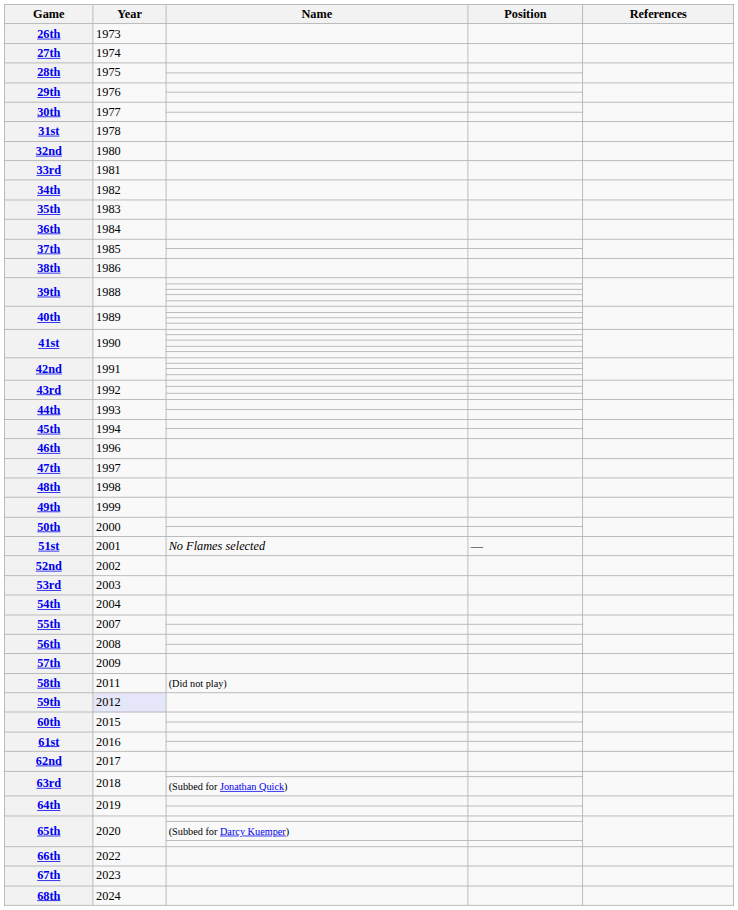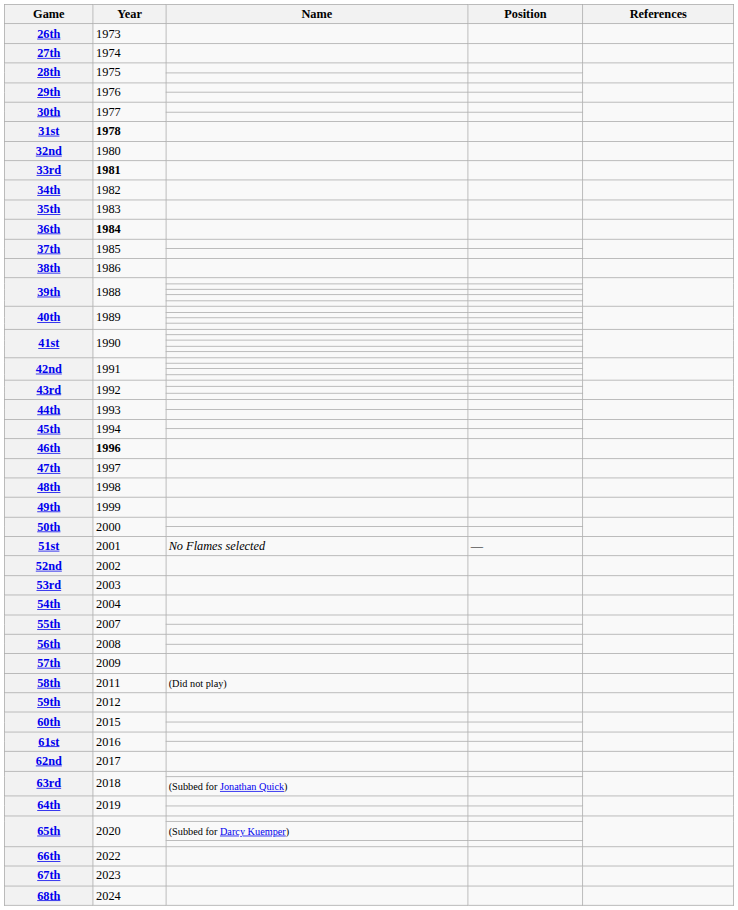 <table class="wikitable sortable" width="75%">
 <tr>
 <th scope="col">Game</th>
 <th scope="col">Year</th>
 <th scope="col">Name</th>
 <th scope="col">Position</th>
 <th scope="col" class="unsortable">References</th>
 </tr>
 <tr>
 <th scope="row"><a href='#'>26th</a></th>
 <td>1973</td>
 <td></td>
 <td></td>
 <td></td>
 </tr>
 <tr>
 <th scope="row"><a href='#'>27th</a></th>
 <td>1974</td>
 <td></td>
 <td></td>
 <td></td>
 </tr>
 <tr>
 <th scope="row" rowspan="2"><a href='#'>28th</a></th>
 <td rowspan="2">1975</td>
 <td></td>
 <td></td>
 <td rowspan="2"></td>
 </tr>
 <tr>
 <td></td>
 <td></td>
 </tr>
 <tr>
 <th scope="row" rowspan="2"><a href='#'>29th</a></th>
 <td rowspan="2">1976</td>
 <td></td>
 <td></td>
 <td rowspan="2"></td>
 </tr>
 <tr>
 <td></td>
 <td></td>
 </tr>
 <tr>
 <th scope="row" rowspan="2"><a href='#'>30th</a></th>
 <td rowspan="2">1977</td>
 <td></td>
 <td></td>
 <td rowspan="2"></td>
 </tr>
 <tr>
 <td></td>
 <td></td>
 </tr>
 <tr>
 <th scope="row"><a href='#'>31st</a></th>
-<td>1978</td>
+<td><strong>1978</strong></td>
 <td></td>
 <td></td>
 <td></td>
 </tr>
 <tr>
 <th scope="row"><a href='#'>32nd</a></th>
 <td>1980</td>
 <td></td>
 <td></td>
 <td></td>
 </tr>
 <tr>
 <th scope="row"><a href='#'>33rd</a></th>
-<td>1981</td>
+<td><strong>1981</strong></td>
 <td></td>
 <td></td>
 <td></td>
 </tr>
 <tr>
 <th scope="row"><a href='#'>34th</a></th>
 <td>1982</td>
 <td></td>
 <td></td>
 <td></td>
 </tr>
 <tr>
 <th scope="row"><a href='#'>35th</a></th>
 <td>1983</td>
 <td></td>
 <td></td>
 <td></td>
 </tr>
 <tr>
 <th scope="row"><a href='#'>36th</a></th>
-<td>1984</td>
+<td><strong>1984</strong></td>
 <td></td>
 <td></td>
 <td></td>
 </tr>
 <tr>
 <th scope="row" rowspan="2"><a href='#'>37th</a></th>
 <td rowspan="2">1985</td>
 <td></td>
 <td></td>
 <td rowspan="2"></td>
 </tr>
 <tr>
 <td></td>
 <td></td>
 </tr>
 <tr>
 <th scope="row"><a href='#'>38th</a></th>
 <td>1986</td>
 <td></td>
 <td></td>
 <td></td>
 </tr>
 <tr>
 <th scope="row" rowspan="5"><a href='#'>39th</a></th>
 <td rowspan="5">1988</td>
 <td></td>
 <td></td>
 <td rowspan="5"></td>
 </tr>
 <tr>
 <td></td>
 <td></td>
 </tr>
 <tr>
 <td></td>
 <td></td>
 </tr>
 <tr>
 <td></td>
 <td></td>
 </tr>
 <tr>
 <td></td>
 <td></td>
 </tr>
 <tr>
 <th scope="row" rowspan="4"><a href='#'>40th</a></th>
 <td rowspan="4">1989</td>
 <td></td>
 <td></td>
 <td rowspan="4"></td>
 </tr>
 <tr>
 <td></td>
 <td></td>
 </tr>
 <tr>
 <td></td>
 <td></td>
 </tr>
 <tr>
 <td></td>
 <td></td>
 </tr>
 <tr>
 <th scope="row" rowspan="5"><a href='#'>41st</a></th>
 <td rowspan="5">1990</td>
 <td></td>
 <td></td>
 <td rowspan="5"></td>
 </tr>
 <tr>
 <td></td>
 <td></td>
 </tr>
 <tr>
 <td></td>
 <td></td>
 </tr>
 <tr>
 <td></td>
 <td></td>
 </tr>
 <tr>
 <td></td>
 <td></td>
 </tr>
 <tr>
 <th scope="row" rowspan="4"><a href='#'>42nd</a></th>
 <td rowspan="4">1991</td>
 <td></td>
 <td></td>
 <td rowspan="4"></td>
 </tr>
 <tr>
 <td></td>
 <td></td>
 </tr>
 <tr>
 <td></td>
 <td></td>
 </tr>
 <tr>
 <td></td>
 <td></td>
 </tr>
 <tr>
 <th scope="row" rowspan="3"><a href='#'>43rd</a></th>
 <td rowspan="3">1992</td>
 <td></td>
 <td></td>
 <td rowspan="3"></td>
 </tr>
 <tr>
 <td></td>
 <td></td>
 </tr>
 <tr>
 <td></td>
 <td></td>
 </tr>
 <tr>
 <th scope="row" rowspan="2"><a href='#'>44th</a></th>
 <td rowspan="2">1993</td>
 <td></td>
 <td></td>
 <td rowspan="2"></td>
 </tr>
 <tr>
 <td></td>
 <td></td>
 </tr>
 <tr>
 <th scope="row" rowspan="2"><a href='#'>45th</a></th>
 <td rowspan="2">1994</td>
 <td></td>
 <td></td>
 <td rowspan="2"></td>
 </tr>
 <tr>
 <td></td>
 <td></td>
 </tr>
 <tr>
 <th scope="row"><a href='#'>46th</a></th>
-<td>1996</td>
+<td><strong>1996</strong></td>
 <td></td>
 <td></td>
 <td></td>
 </tr>
 <tr>
 <th scope="row"><a href='#'>47th</a></th>
 <td>1997</td>
 <td></td>
 <td></td>
 <td></td>
 </tr>
 <tr>
 <th scope="row"><a href='#'>48th</a></th>
 <td>1998</td>
 <td></td>
 <td></td>
 <td></td>
 </tr>
 <tr>
 <th scope="row"><a href='#'>49th</a></th>
 <td>1999</td>
 <td></td>
 <td></td>
 <td></td>
 </tr>
 <tr>
 <th scope="row" rowspan="2"><a href='#'>50th</a></th>
 <td rowspan="2">2000</td>
 <td></td>
 <td></td>
 <td rowspan="2"></td>
 </tr>
 <tr>
 <td></td>
 <td></td>
 </tr>
 <tr>
 <th scope="row"><a href='#'>51st</a></th>
 <td>2001</td>
 <td><em>No Flames selected</em></td>
 <td>—</td>
 <td></td>
 </tr>
 <tr>
 <th scope="row"><a href='#'>52nd</a></th>
 <td>2002</td>
 <td></td>
 <td></td>
 <td></td>
 </tr>
 <tr>
 <th scope="row"><a href='#'>53rd</a></th>
 <td>2003</td>
 <td></td>
 <td></td>
 <td></td>
 </tr>
 <tr>
 <th scope="row"><a href='#'>54th</a></th>
 <td>2004</td>
 <td></td>
 <td></td>
 <td></td>
 </tr>
 <tr>
 <th scope="row" rowspan="2"><a href='#'>55th</a></th>
 <td rowspan="2">2007</td>
 <td></td>
 <td></td>
 <td rowspan="2"></td>
 </tr>
 <tr>
 <td></td>
 <td></td>
 </tr>
 <tr>
 <th scope="row" rowspan="2"><a href='#'>56th</a></th>
 <td rowspan="2">2008</td>
 <td></td>
 <td></td>
 <td rowspan="2"></td>
 </tr>
 <tr>
 <td></td>
 <td></td>
 </tr>
 <tr>
 <th scope="row"><a href='#'>57th</a></th>
 <td>2009</td>
 <td></td>
 <td></td>
 <td></td>
 </tr>
 <tr>
 <th scope="row"><a href='#'>58th</a></th>
 <td>2011</td>
 <td> <small>(Did not play)</small></td>
 <td></td>
 <td></td>
 </tr>
 <tr>
 <th scope="row"><a href='#'>59th</a></th>
-<td style="background: lavender;">2012</td>
+<td>2012</td>
 <td></td>
 <td></td>
 <td></td>
 </tr>
 <tr>
 <th scope="row" rowspan="2"><a href='#'>60th</a></th>
 <td rowspan="2">2015</td>
 <td></td>
 <td></td>
 <td rowspan="2"></td>
 </tr>
 <tr>
 <td></td>
 <td></td>
 </tr>
 <tr>
 <th scope="row" rowspan="2"><a href='#'>61st</a></th>
 <td rowspan="2">2016</td>
 <td></td>
 <td></td>
 <td rowspan="2"></td>
 </tr>
 <tr>
 <td></td>
 <td></td>
 </tr>
 <tr>
 <th scope="row"><a href='#'>62nd</a></th>
 <td>2017</td>
 <td></td>
 <td></td>
 <td></td>
 </tr>
 <tr>
 <th scope="row" rowspan="2"><a href='#'>63rd</a></th>
 <td rowspan="2">2018</td>
 <td></td>
 <td></td>
 <td rowspan="2"></td>
 </tr>
 <tr>
 <td> <small>(Subbed for <a href='#'>Jonathan Quick</a>)</small></td>
 <td></td>
 </tr>
 <tr>
 <th scope="row" rowspan="2"><a href='#'>64th</a></th>
 <td rowspan="2">2019</td>
 <td></td>
 <td></td>
 <td rowspan="2"></td>
 </tr>
 <tr>
 <td></td>
 <td></td>
 </tr>
 <tr>
 <th scope="row" rowspan="3"><a href='#'>65th</a></th>
 <td rowspan="3">2020</td>
 <td></td>
 <td></td>
 <td rowspan="3"></td>
 </tr>
 <tr>
 <td> <small>(Subbed for <a href='#'>Darcy Kuemper</a>)</small></td>
 <td></td>
 </tr>
 <tr>
 <td></td>
 <td></td>
 </tr>
 <tr>
 <th scope="row"><a href='#'>66th</a></th>
 <td>2022</td>
 <td></td>
 <td></td>
 <td></td>
 </tr>
 <tr>
 <th scope="row"><a href='#'>67th</a></th>
 <td>2023</td>
 <td></td>
 <td></td>
 <td></td>
 </tr>
 <tr>
 <th scope="row"><a href='#'>68th</a></th>
 <td>2024</td>
 <td></td>
 <td></td>
 <td></td>
 </tr>
 </table>
